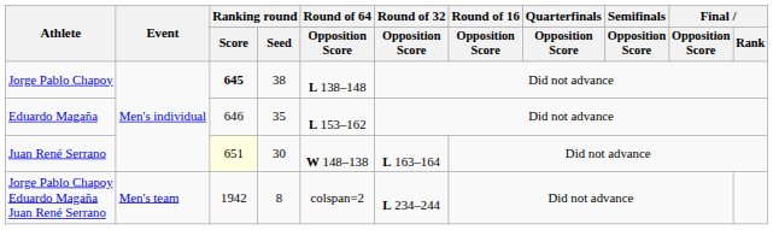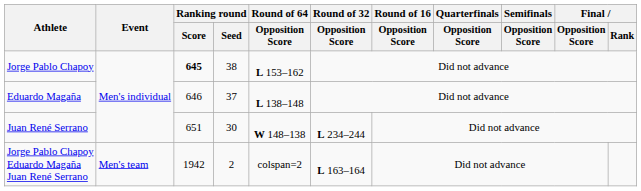 <table class="wikitable" style="font-size:90%">
 <tr>
 <th rowspan="2">Athlete</th>
 <th rowspan="2">Event</th>
 <th colspan="2">Ranking round</th>
 <th>Round of 64</th>
 <th>Round of 32</th>
 <th>Round of 16</th>
 <th>Quarterfinals</th>
 <th>Semifinals</th>
 <th colspan="2">Final / </th>
 </tr>
 <tr style="font-size:95%">
 <th>Score</th>
 <th>Seed</th>
 <th>Opposition<br>Score</th>
 <th>Opposition<br>Score</th>
 <th>Opposition<br>Score</th>
 <th>Opposition<br>Score</th>
 <th>Opposition<br>Score</th>
 <th>Opposition<br>Score</th>
 <th>Rank</th>
 </tr>
 <tr align=center>
 <td align=left><a href='#'>Jorge Pablo Chapoy</a></td>
 <td align=left rowspan=3><a href='#'>Men's individual</a></td>
 <td><strong>645</strong></td>
 <td>38</td>
-<td><br><strong>L</strong> 138–148</td>
+<td><br><strong>L</strong> 153–162</td>
 <td colspan=6>Did not advance</td>
 </tr>
 <tr align=center>
 <td align=left><a href='#'>Eduardo Magaña</a></td>
 <td>646</td>
-<td>35</td>
-<td><br><strong>L</strong> 153–162</td>
+<td>37</td>
+<td><br><strong>L</strong> 138–148</td>
 <td colspan=6>Did not advance</td>
 </tr>
 <tr align=center>
 <td align=left><a href='#'>Juan René Serrano</a></td>
-<td style="background: lightyellow;">651</td>
+<td>651</td>
 <td>30</td>
 <td><br><strong>W</strong> 148–138</td>
-<td><br><strong>L</strong> 163–164</td>
+<td><br><strong>L</strong> 234–244</td>
 <td colspan=5>Did not advance</td>
 </tr>
 <tr align=center>
 <td align=left><a href='#'>Jorge Pablo Chapoy</a><br><a href='#'>Eduardo Magaña</a><br><a href='#'>Juan René Serrano</a></td>
 <td align=left><a href='#'>Men's team</a></td>
 <td>1942</td>
-<td>8</td>
+<td>2</td>
 <td>colspan=2 </td>
-<td><br><strong>L</strong> 234–244</td>
+<td><br><strong>L</strong> 163–164</td>
 <td colspan=4>Did not advance</td>
 </tr>
 </table>
